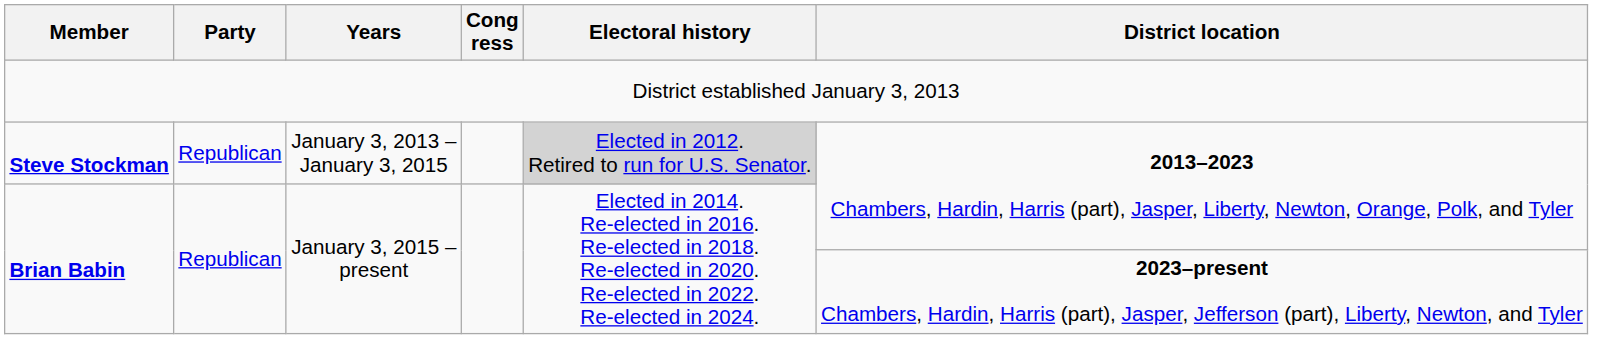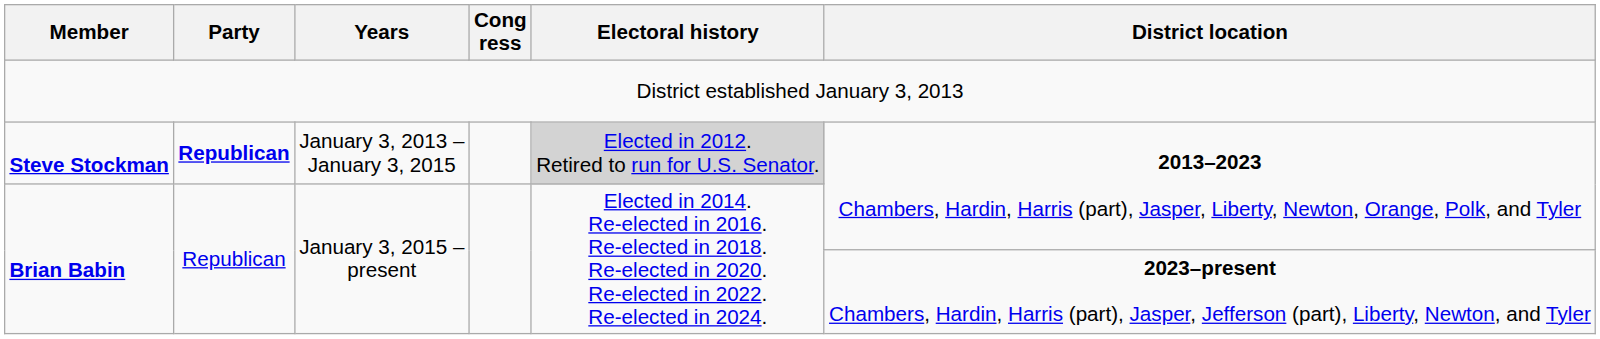 <table class=wikitable style="text-align:center">
 <tr>
 <th>Member</th>
 <th>Party</th>
 <th>Years</th>
 <th>Cong<br>ress</th>
 <th>Electoral history</th>
 <th>District location</th>
 </tr>
 <tr style="height:3em">
 <td colspan=6>District established January 3, 2013</td>
 </tr>
 <tr style="height:3em">
 <td align=left><br><strong><a href='#'>Steve Stockman</a></strong><br></td>
-<td><a href='#'>Republican</a></td>
+<td><strong><a href='#'>Republican</a></strong></td>
 <td align=center nowrap>January 3, 2013 –<br>January 3, 2015</td>
 <td></td>
 <td style="background: lightgrey;"><a href='#'>Elected in 2012</a>.<br>Retired to <a href='#'>run for U.S. Senator</a>.</td>
 <td rowspan=2><strong>2013–2023</strong><br><br><a href='#'>Chambers</a>, <a href='#'>Hardin</a>, <a href='#'>Harris</a> (part), <a href='#'>Jasper</a>, <a href='#'>Liberty</a>, <a href='#'>Newton</a>, <a href='#'>Orange</a>, <a href='#'>Polk</a>, and <a href='#'>Tyler</a></td>
 </tr>
 <tr style="height:3em">
 <td rowspan=2 align=left><br><strong><a href='#'>Brian Babin</a></strong><br></td>
 <td rowspan=2 ><a href='#'>Republican</a></td>
 <td rowspan=2 align=center nowrap>January 3, 2015 –<br>present</td>
 <td rowspan=2></td>
 <td rowspan=2><a href='#'>Elected in 2014</a>.<br><a href='#'>Re-elected in 2016</a>.<br><a href='#'>Re-elected in 2018</a>.<br><a href='#'>Re-elected in 2020</a>. <br><a href='#'>Re-elected in 2022</a>.<br><a href='#'>Re-elected in 2024</a>.</td>
 </tr>
 <tr style="height:3em">
 <td><strong>2023–present</strong><br><br><a href='#'>Chambers</a>, <a href='#'>Hardin</a>, <a href='#'>Harris</a> (part), <a href='#'>Jasper</a>, <a href='#'>Jefferson</a> (part), <a href='#'>Liberty</a>, <a href='#'>Newton</a>, and <a href='#'>Tyler</a></td>
 </tr>
 </table>
